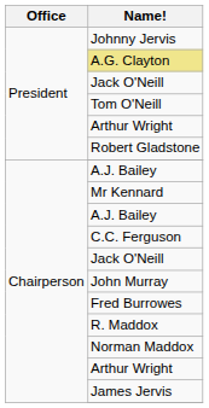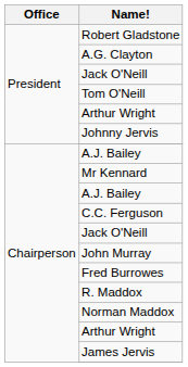 <table class="wikitable">
 <tr>
 <th>Office</th>
 <th>Name!</th>
 </tr>
 <tr>
 <td rowspan=6>President</td>
-<td>Johnny Jervis</td>
+<td>Robert Gladstone</td>
 </tr>
 <tr>
-<td style="background: khaki;">A.G. Clayton</td>
+<td>A.G. Clayton</td>
 </tr>
 <tr>
 <td>Jack O'Neill</td>
 </tr>
 <tr>
 <td>Tom O'Neill</td>
 </tr>
 <tr>
 <td>Arthur Wright</td>
 </tr>
 <tr>
-<td>Robert Gladstone</td>
+<td>Johnny Jervis</td>
 </tr>
 <tr>
 <td rowspan=13>Chairperson</td>
 </tr>
 <tr>
 <td>A.J. Bailey</td>
 </tr>
 <tr>
 <td>Mr Kennard</td>
 </tr>
 <tr>
 <td>A.J. Bailey</td>
 </tr>
 <tr>
 <td>C.C. Ferguson</td>
 </tr>
 <tr>
 <td>Jack O'Neill</td>
 </tr>
 <tr>
 <td>John Murray</td>
 </tr>
 <tr>
 <td>Fred Burrowes</td>
 </tr>
 <tr>
 <td>R. Maddox</td>
 </tr>
 <tr>
 <td>Norman Maddox</td>
 </tr>
 <tr>
 <td>Arthur Wright</td>
 </tr>
 <tr>
 <td>James Jervis</td>
 </tr>
 <tr>
 </tr>
 </table>
